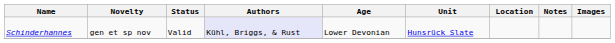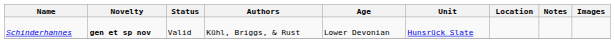 <table class="wikitable sortable" align="center" width="80%">
 <tr>
 <th>Name</th>
 <th>Novelty</th>
 <th>Status</th>
 <th>Authors</th>
 <th>Age</th>
 <th>Unit</th>
 <th>Location</th>
 <th>Notes</th>
 <th>Images</th>
 </tr>
 <tr>
 <td><br><em><a href='#'>Schinderhannes</a></em></td>
-<td><br>gen et sp nov</td>
+<td><strong><br>gen et sp nov</strong></td>
 <td><br>Valid</td>
-<td style="background: lavender;"><br>Kühl, Briggs, & Rust</td>
+<td><br>Kühl, Briggs, & Rust</td>
 <td><br>Lower Devonian</td>
 <td><br><a href='#'>Hunsrück Slate</a></td>
 <td><br></td>
 <td></td>
 <td></td>
 </tr>
 <tr>
 </tr>
 </table>
